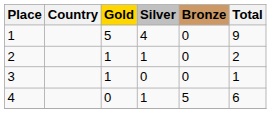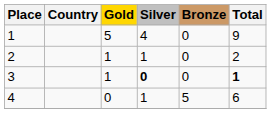 <table class="wikitable">
 <tr>
 <th>Place</th>
 <th>Country</th>
 <th style="background-color:#FFD700;">Gold</th>
 <th style="background-color:#C0C0C0;">Silver</th>
 <th style="background-color:#CC9966;">Bronze</th>
 <th>Total</th>
 </tr>
 <tr>
 <td>1</td>
 <td></td>
 <td>5</td>
 <td>4</td>
 <td>0</td>
 <td>9</td>
 </tr>
 <tr>
 <td>2</td>
 <td></td>
 <td>1</td>
 <td>1</td>
 <td>0</td>
 <td>2</td>
 </tr>
 <tr>
 <td>3</td>
 <td></td>
 <td>1</td>
+<td><strong>0</strong></td>
 <td>0</td>
-<td>0</td>
-<td>1</td>
+<td><strong>1</strong></td>
 </tr>
 <tr>
 <td>4</td>
 <td></td>
 <td>0</td>
 <td>1</td>
 <td>5</td>
 <td>6</td>
 </tr>
 <tr>
 </tr>
 </table>
